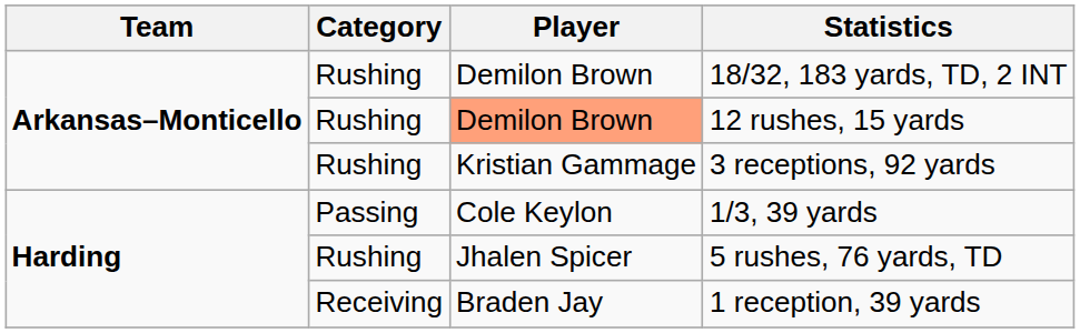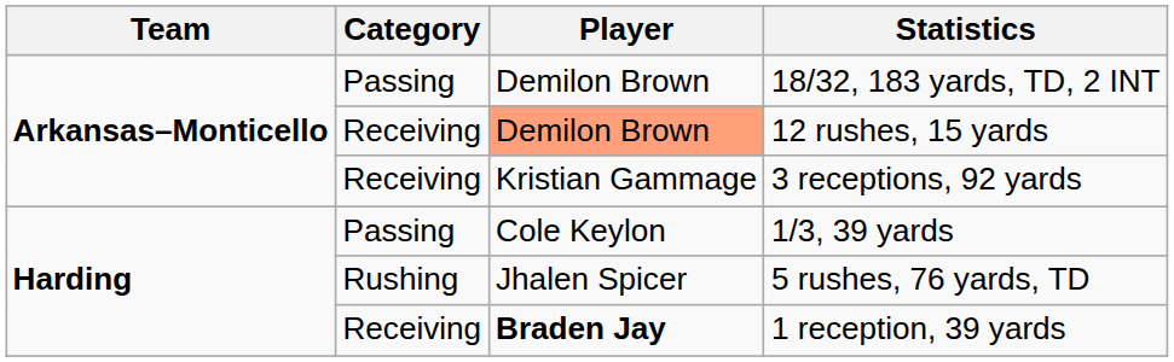 <table class="wikitable" style="float: right;">
 <tr>
 <th>Team</th>
 <th>Category</th>
 <th>Player</th>
 <th>Statistics</th>
 </tr>
 <tr>
 <td rowspan=3><strong>Arkansas–Monticello</strong></td>
-<td>Rushing</td>
+<td>Passing</td>
 <td>Demilon Brown</td>
 <td>18/32, 183 yards, TD, 2 INT</td>
 </tr>
 <tr>
-<td>Rushing</td>
+<td>Receiving</td>
 <td style="background: lightsalmon;">Demilon Brown</td>
 <td>12 rushes, 15 yards</td>
 </tr>
 <tr>
-<td>Rushing</td>
+<td>Receiving</td>
 <td>Kristian Gammage</td>
 <td>3 receptions, 92 yards</td>
 </tr>
 <tr>
 <td rowspan=3><strong>Harding</strong></td>
 <td>Passing</td>
 <td>Cole Keylon</td>
 <td>1/3, 39 yards</td>
 </tr>
 <tr>
 <td>Rushing</td>
 <td>Jhalen Spicer</td>
 <td>5 rushes, 76 yards, TD</td>
 </tr>
 <tr>
 <td>Receiving</td>
-<td>Braden Jay</td>
+<td><strong>Braden Jay</strong></td>
 <td>1 reception, 39 yards</td>
 </tr>
 </table>
